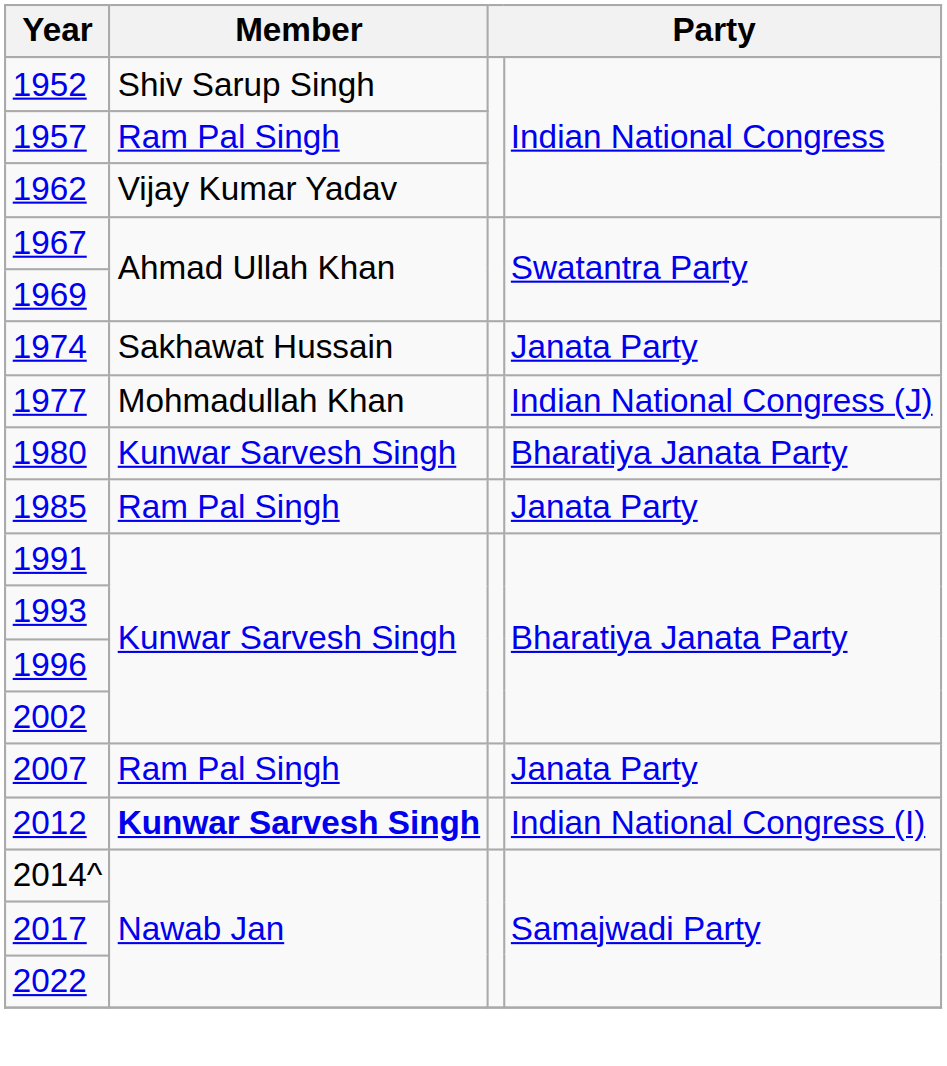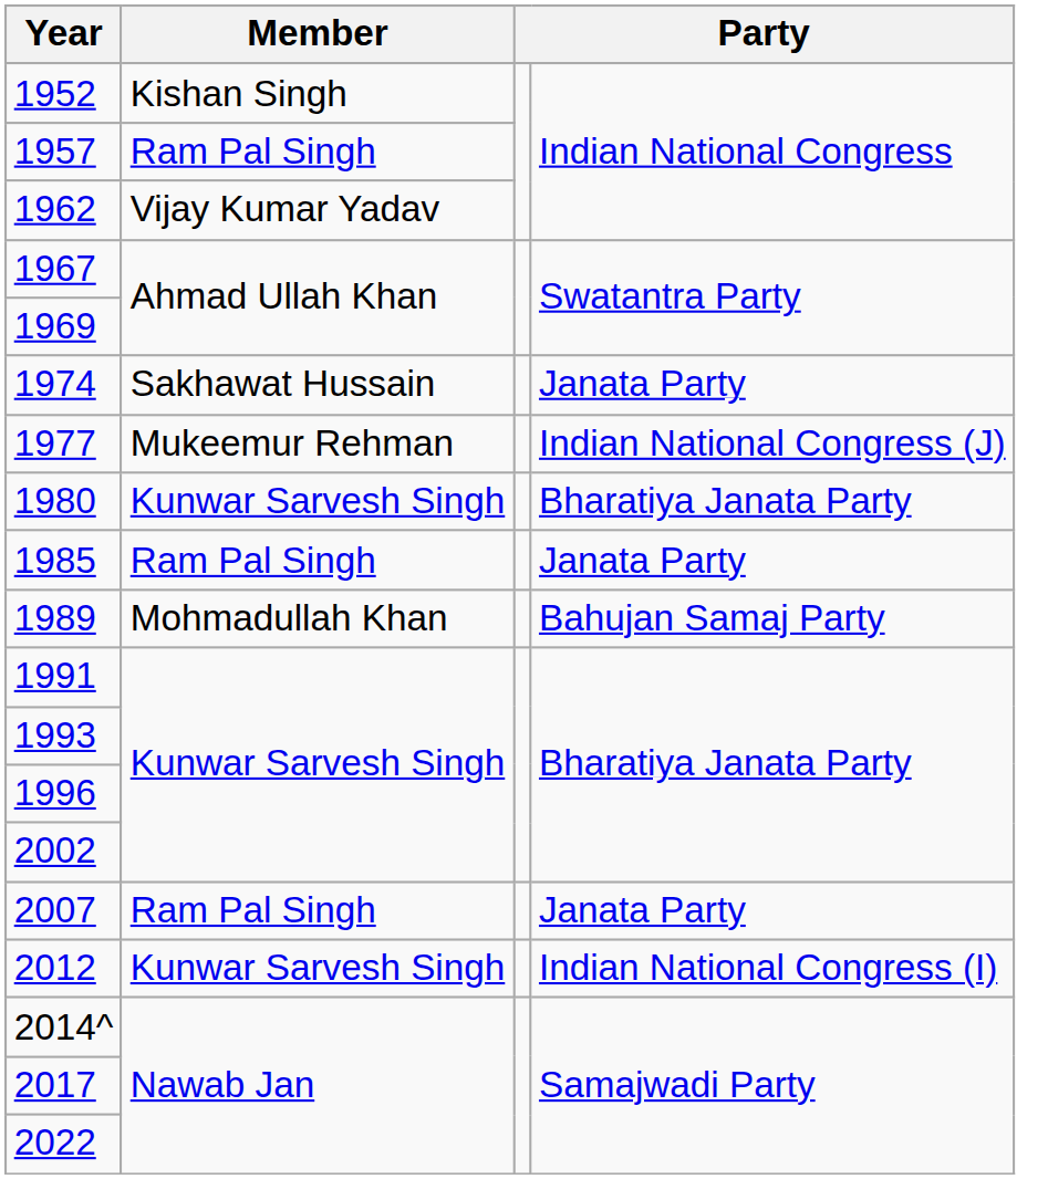 <table class="wikitable">
 <tr>
 <th>Year</th>
 <th>Member</th>
 <th colspan="2">Party</th>
 </tr>
 <tr>
 <td><a href='#'>1952</a></td>
-<td>Shiv Sarup Singh</td>
+<td>Kishan Singh</td>
 <td rowspan="3" style="background-color: "></td>
 <td rowspan="3"><a href='#'>Indian National Congress</a></td>
 </tr>
 <tr>
 <td><a href='#'>1957</a></td>
 <td><a href='#'>Ram Pal Singh</a></td>
 </tr>
 <tr>
 <td><a href='#'>1962</a></td>
 <td>Vijay Kumar Yadav</td>
 </tr>
 <tr>
 <td><a href='#'>1967</a></td>
 <td rowspan=2>Ahmad Ullah Khan</td>
 <td rowspan="2" style="background-color: "></td>
 <td rowspan="2"><a href='#'>Swatantra Party</a></td>
 </tr>
 <tr>
 <td><a href='#'>1969</a></td>
 </tr>
 <tr>
 <td><a href='#'>1974</a></td>
 <td>Sakhawat Hussain</td>
 <td style="background-color: "></td>
 <td><a href='#'>Janata Party</a></td>
 </tr>
 <tr>
 <td><a href='#'>1977</a></td>
-<td>Mohmadullah Khan</td>
+<td>Mukeemur Rehman</td>
 <td style="background-color: "></td>
 <td><a href='#'>Indian National Congress (J)</a></td>
 </tr>
 <tr>
 <td><a href='#'>1980</a></td>
 <td><a href='#'>Kunwar Sarvesh Singh</a></td>
 <td style="background-color: "></td>
 <td><a href='#'>Bharatiya Janata Party</a></td>
 </tr>
 <tr>
 <td><a href='#'>1985</a></td>
 <td><a href='#'>Ram Pal Singh</a></td>
 <td style="background-color: "></td>
 <td><a href='#'>Janata Party</a></td>
+</tr>
+<tr>
+<td><a href='#'>1989</a></td>
+<td>Mohmadullah Khan</td>
+<td style="background-color: "></td>
+<td><a href='#'>Bahujan Samaj Party</a></td>
 </tr>
 <tr>
 <td><a href='#'>1991</a></td>
 <td rowspan=4><a href='#'>Kunwar Sarvesh Singh</a></td>
 <td rowspan="4" style="background-color: "></td>
 <td rowspan="4"><a href='#'>Bharatiya Janata Party</a></td>
 </tr>
 <tr>
 <td><a href='#'>1993</a></td>
 </tr>
 <tr>
 <td><a href='#'>1996</a></td>
 </tr>
 <tr>
 <td><a href='#'>2002</a></td>
 </tr>
 <tr>
 <td><a href='#'>2007</a></td>
 <td><a href='#'>Ram Pal Singh</a></td>
 <td style="background-color: "></td>
 <td><a href='#'>Janata Party</a></td>
 </tr>
 <tr>
 <td><a href='#'>2012</a></td>
-<td><strong><a href='#'>Kunwar Sarvesh Singh</a></strong></td>
+<td><a href='#'>Kunwar Sarvesh Singh</a></td>
 <td style="background-color: "></td>
 <td><a href='#'>Indian National Congress (I)</a></td>
 </tr>
 <tr>
 <td>2014^</td>
 <td rowspan=3><a href='#'>Nawab Jan</a></td>
 <td rowspan="3" style="background-color: "></td>
 <td rowspan="3"><a href='#'>Samajwadi Party</a></td>
 </tr>
 <tr>
 <td><a href='#'>2017</a></td>
 </tr>
 <tr>
 <td><a href='#'>2022</a></td>
 </tr>
 <tr>
 </tr>
 </table>
